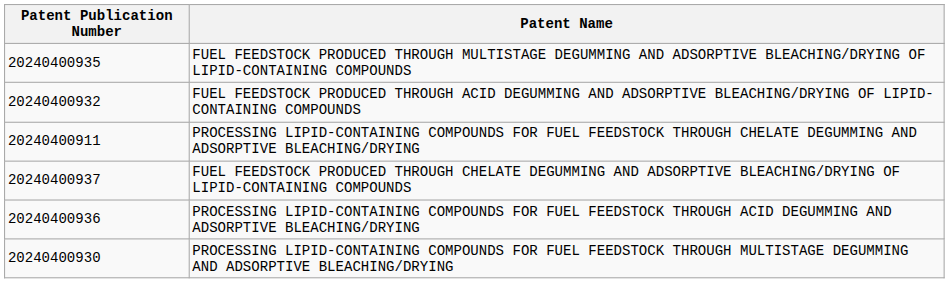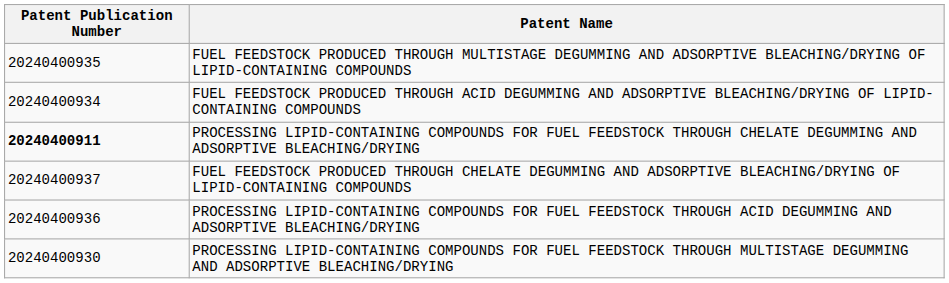 <table class="wikitable">
 <tr>
 <th>Patent Publication Number</th>
 <th>Patent Name</th>
 </tr>
 <tr>
 <td>20240400935</td>
 <td>FUEL FEEDSTOCK PRODUCED THROUGH MULTISTAGE DEGUMMING AND ADSORPTIVE BLEACHING/DRYING OF LIPID-CONTAINING COMPOUNDS</td>
 </tr>
 <tr>
-<td>20240400932</td>
+<td>20240400934</td>
 <td>FUEL FEEDSTOCK PRODUCED THROUGH ACID DEGUMMING AND ADSORPTIVE BLEACHING/DRYING OF LIPID-CONTAINING COMPOUNDS</td>
 </tr>
 <tr>
-<td>20240400911</td>
+<td><strong>20240400911</strong></td>
 <td>PROCESSING LIPID-CONTAINING COMPOUNDS FOR FUEL FEEDSTOCK THROUGH CHELATE DEGUMMING AND ADSORPTIVE BLEACHING/DRYING</td>
 </tr>
 <tr>
 <td>20240400937</td>
 <td>FUEL FEEDSTOCK PRODUCED THROUGH CHELATE DEGUMMING AND ADSORPTIVE BLEACHING/DRYING OF LIPID-CONTAINING COMPOUNDS</td>
 </tr>
 <tr>
 <td>20240400936</td>
 <td>PROCESSING LIPID-CONTAINING COMPOUNDS FOR FUEL FEEDSTOCK THROUGH ACID DEGUMMING AND ADSORPTIVE BLEACHING/DRYING</td>
 </tr>
 <tr>
 <td>20240400930</td>
 <td>PROCESSING LIPID-CONTAINING COMPOUNDS FOR FUEL FEEDSTOCK THROUGH MULTISTAGE DEGUMMING AND ADSORPTIVE BLEACHING/DRYING</td>
 </tr>
 </table>
